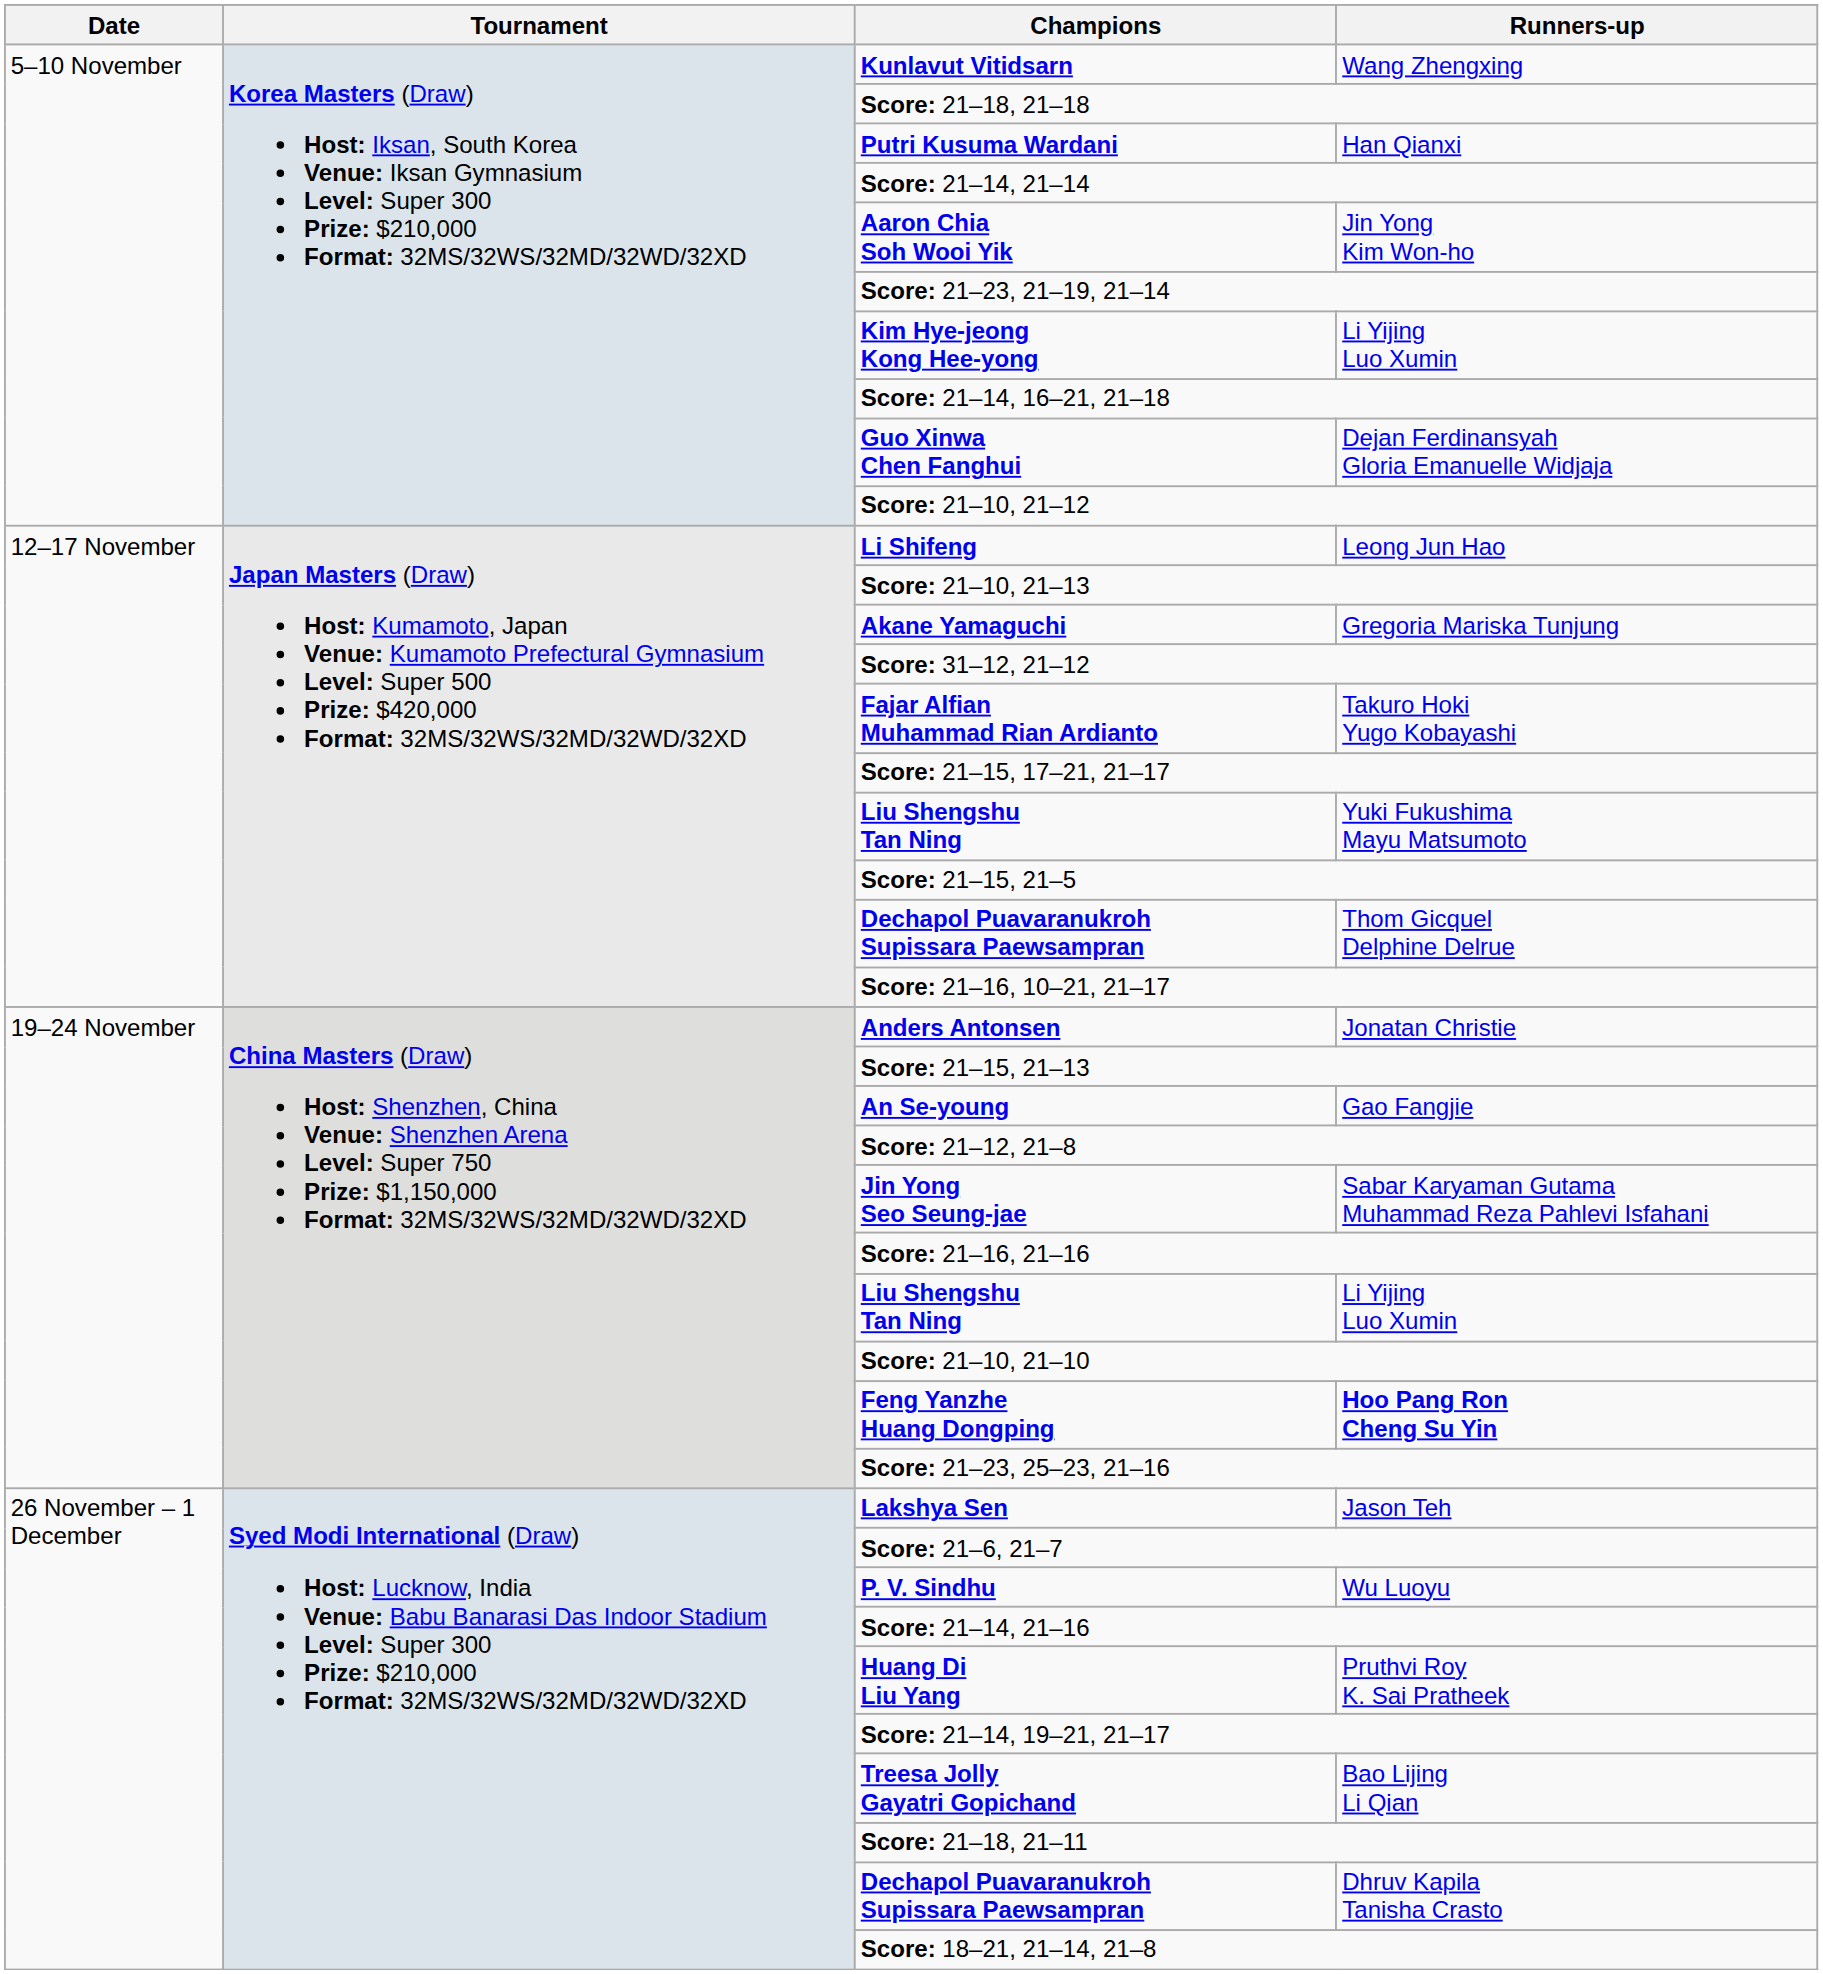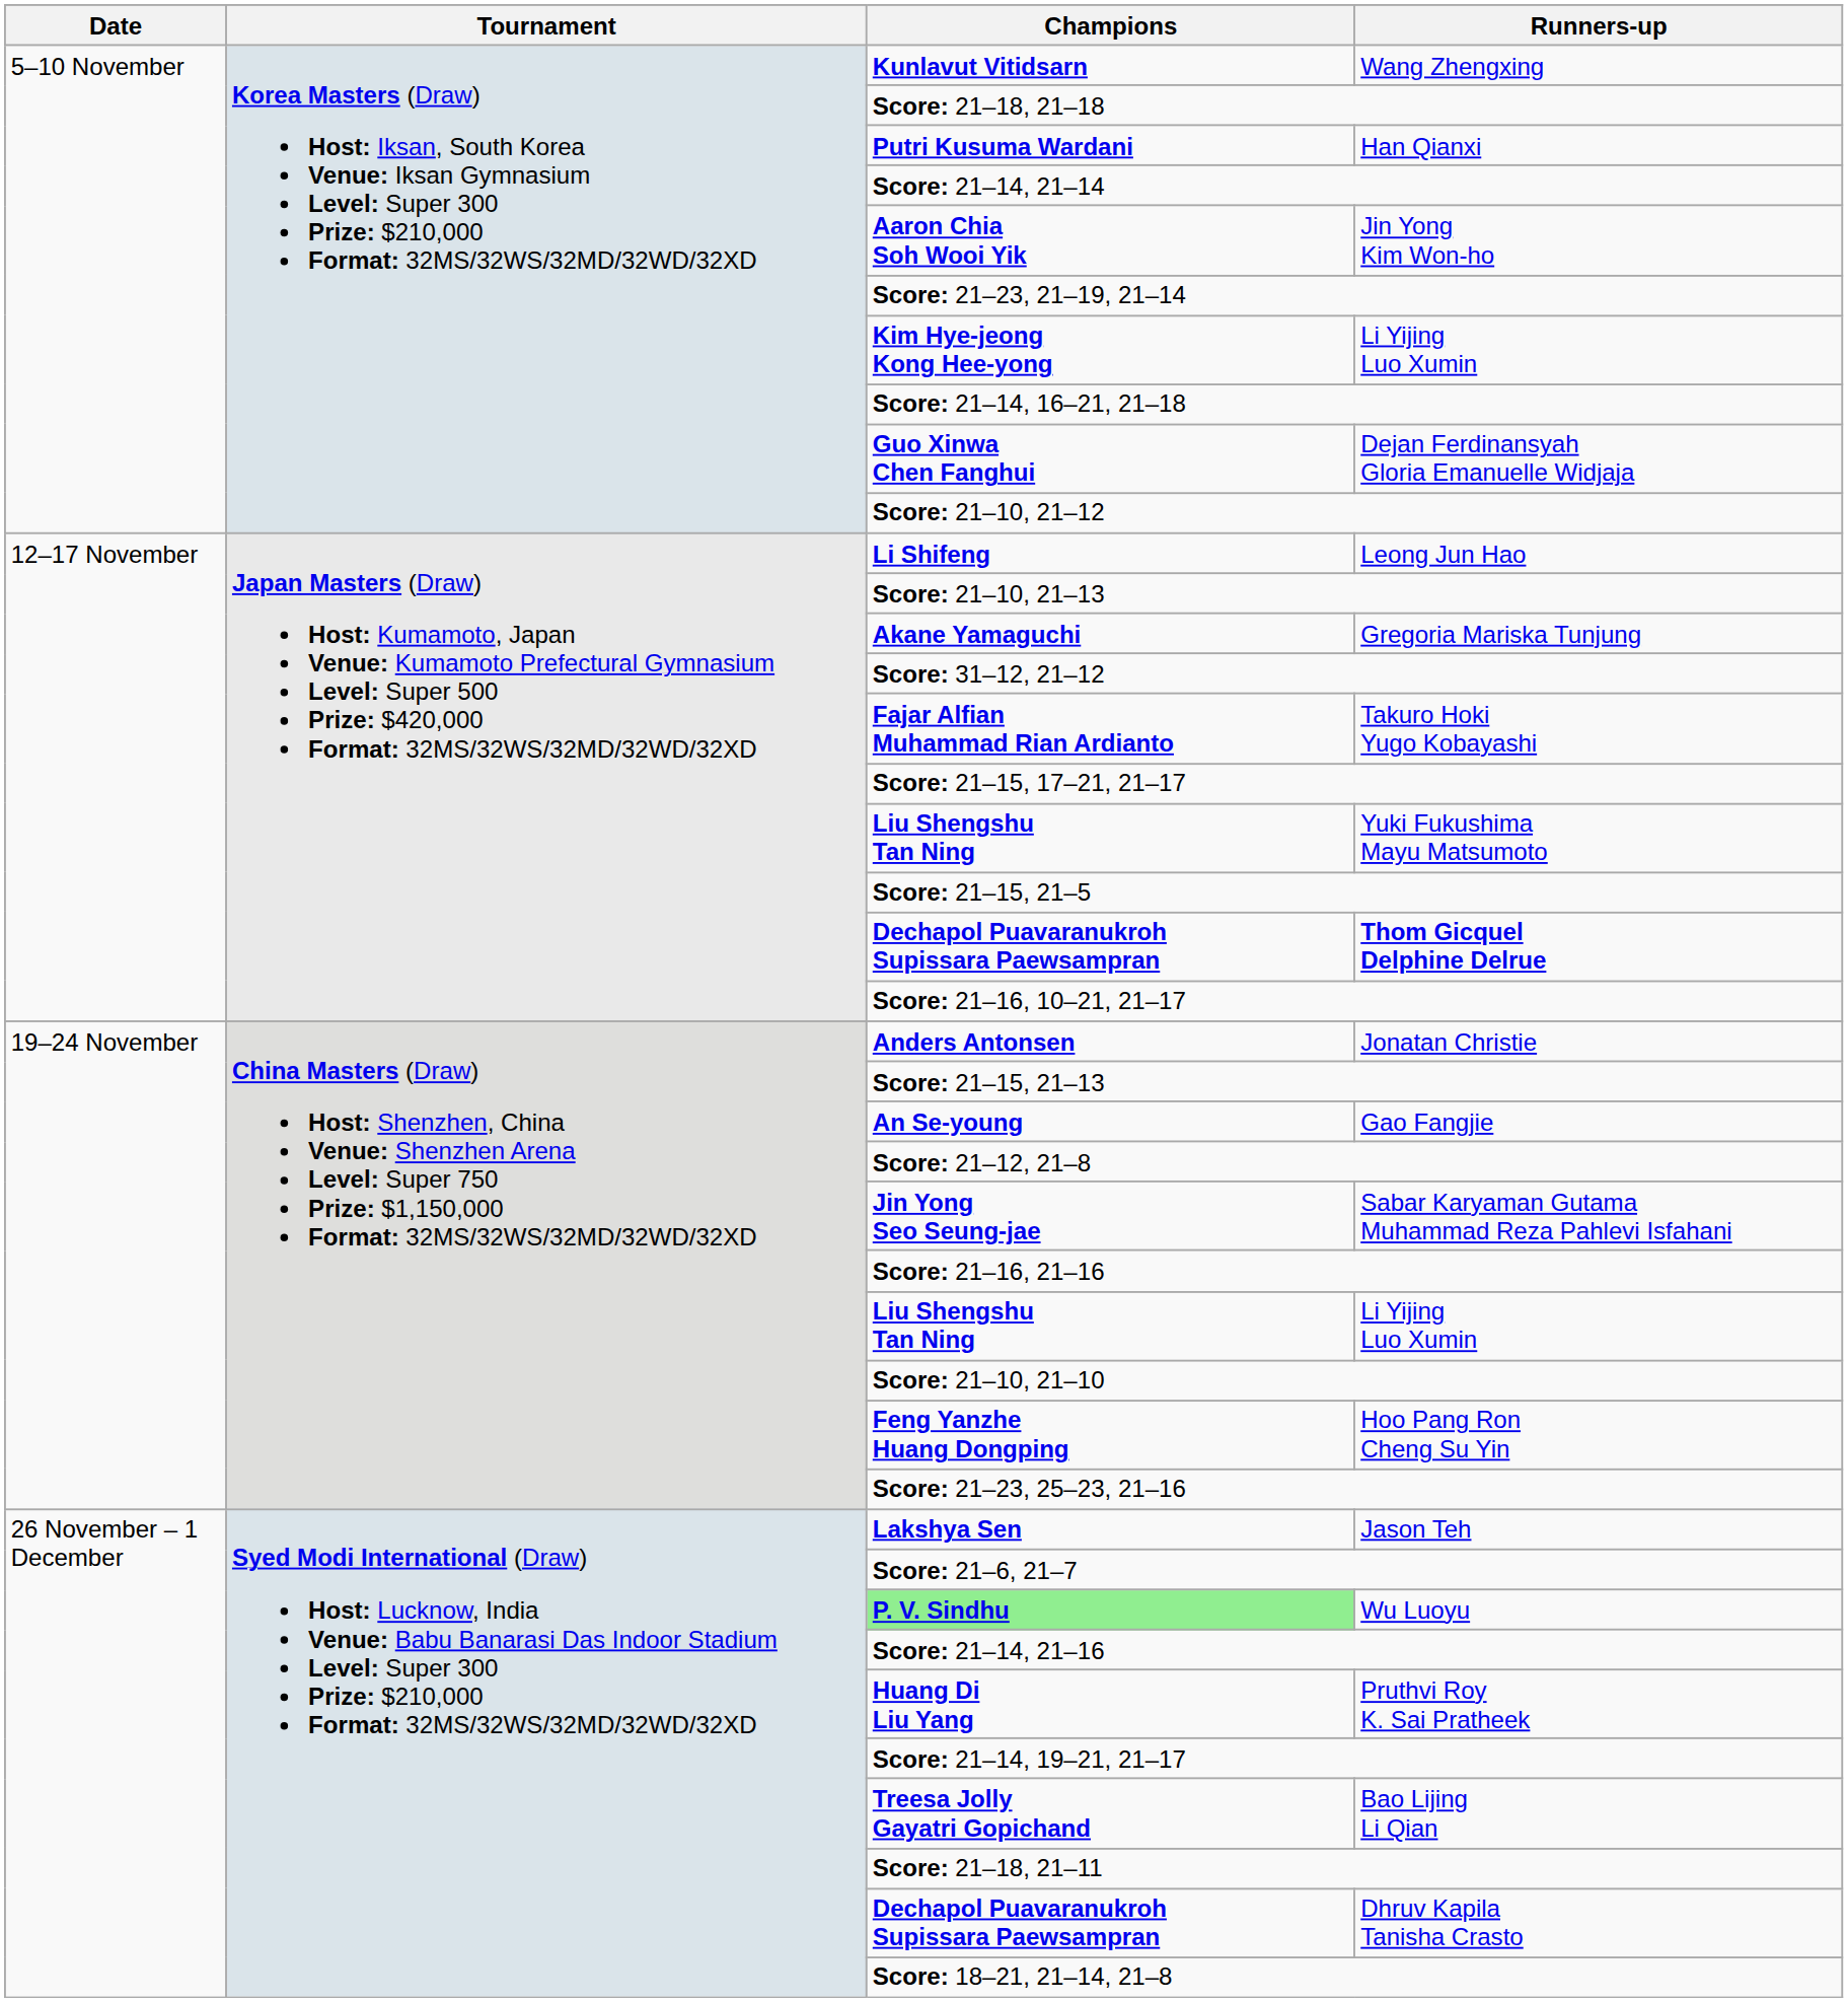 <table class="wikitable" style="font-size:80%">
 <tr>
 <th width="110">Date</th>
 <th width="330">Tournament</th>
 <th width="250">Champions</th>
 <th width="250">Runners-up</th>
 </tr>
 <tr valign="top">
 <td rowspan="10">5–10 November</td>
 <td bgcolor="#DAE4EA" rowspan="10"><br><strong><a href='#'>Korea Masters</a></strong> (<a href='#'>Draw</a>)<ul><li><strong>Host:</strong> <a href='#'>Iksan</a>, South Korea</li><li><strong>Venue:</strong> Iksan Gymnasium</li><li><strong>Level:</strong> Super 300</li><li><strong>Prize:</strong> $210,000</li><li><strong>Format:</strong> 32MS/32WS/32MD/32WD/32XD</li></ul></td>
 <td><strong> <a href='#'>Kunlavut Vitidsarn</a></strong></td>
 <td> <a href='#'>Wang Zhengxing</a></td>
 </tr>
 <tr>
 <td colspan="2"><strong>Score:</strong> 21–18, 21–18</td>
 </tr>
 <tr valign="top">
 <td><strong> <a href='#'>Putri Kusuma Wardani</a></strong></td>
 <td> <a href='#'>Han Qianxi</a></td>
 </tr>
 <tr>
 <td colspan="2"><strong>Score:</strong> 21–14, 21–14</td>
 </tr>
 <tr valign="top">
 <td><strong> <a href='#'>Aaron Chia</a> <br> <a href='#'>Soh Wooi Yik</a></strong></td>
 <td> <a href='#'>Jin Yong</a> <br> <a href='#'>Kim Won-ho</a></td>
 </tr>
 <tr>
 <td colspan="2"><strong>Score:</strong> 21–23, 21–19, 21–14</td>
 </tr>
 <tr valign="top">
 <td><strong> <a href='#'>Kim Hye-jeong</a> <br> <a href='#'>Kong Hee-yong</a></strong></td>
 <td> <a href='#'>Li Yijing</a> <br> <a href='#'>Luo Xumin</a></td>
 </tr>
 <tr>
 <td colspan="2"><strong>Score:</strong> 21–14, 16–21, 21–18</td>
 </tr>
 <tr valign="top">
 <td><strong> <a href='#'>Guo Xinwa</a> <br> <a href='#'>Chen Fanghui</a></strong></td>
 <td> <a href='#'>Dejan Ferdinansyah</a> <br> <a href='#'>Gloria Emanuelle Widjaja</a></td>
 </tr>
 <tr>
 <td colspan="2"><strong>Score:</strong> 21–10, 21–12</td>
 </tr>
 <tr valign="top">
 <td rowspan="10">12–17 November</td>
 <td bgcolor="#E9E9E9" rowspan="10"><br><strong><a href='#'>Japan Masters</a></strong> (<a href='#'>Draw</a>)<ul><li><strong>Host:</strong> <a href='#'>Kumamoto</a>, Japan</li><li><strong>Venue:</strong> <a href='#'>Kumamoto Prefectural Gymnasium</a></li><li><strong>Level:</strong> Super 500</li><li><strong>Prize:</strong> $420,000</li><li><strong>Format:</strong> 32MS/32WS/32MD/32WD/32XD</li></ul></td>
 <td><strong> <a href='#'>Li Shifeng</a></strong></td>
 <td> <a href='#'>Leong Jun Hao</a></td>
 </tr>
 <tr>
 <td colspan="2"><strong>Score:</strong> 21–10, 21–13</td>
 </tr>
 <tr valign="top">
 <td><strong> <a href='#'>Akane Yamaguchi</a></strong></td>
 <td> <a href='#'>Gregoria Mariska Tunjung</a></td>
 </tr>
 <tr>
 <td colspan="2"><strong>Score:</strong> 31–12, 21–12</td>
 </tr>
 <tr valign="top">
 <td><strong> <a href='#'>Fajar Alfian</a><br> <a href='#'>Muhammad Rian Ardianto</a></strong></td>
 <td> <a href='#'>Takuro Hoki</a><br> <a href='#'>Yugo Kobayashi</a></td>
 </tr>
 <tr>
 <td colspan="2"><strong>Score:</strong> 21–15, 17–21, 21–17</td>
 </tr>
 <tr valign="top">
 <td><strong> <a href='#'>Liu Shengshu</a><br> <a href='#'>Tan Ning</a></strong></td>
 <td> <a href='#'>Yuki Fukushima</a><br> <a href='#'>Mayu Matsumoto</a></td>
 </tr>
 <tr>
 <td colspan="2"><strong>Score:</strong> 21–15, 21–5</td>
 </tr>
 <tr valign="top">
 <td><strong> <a href='#'>Dechapol Puavaranukroh</a><br> <a href='#'>Supissara Paewsampran</a></strong></td>
-<td> <a href='#'>Thom Gicquel</a><br> <a href='#'>Delphine Delrue</a></td>
+<td><strong> <a href='#'>Thom Gicquel</a><br> <a href='#'>Delphine Delrue</a></strong></td>
 </tr>
 <tr>
 <td colspan="2"><strong>Score:</strong> 21–16, 10–21, 21–17</td>
 </tr>
 <tr valign="top">
 <td rowspan="10">19–24 November</td>
 <td bgcolor="#DEDEDC" rowspan="10"><br><strong><a href='#'>China Masters</a></strong> (<a href='#'>Draw</a>)<ul><li><strong>Host:</strong> <a href='#'>Shenzhen</a>, China</li><li><strong>Venue:</strong> <a href='#'>Shenzhen Arena</a></li><li><strong>Level:</strong> Super 750</li><li><strong>Prize:</strong> $1,150,000</li><li><strong>Format:</strong> 32MS/32WS/32MD/32WD/32XD</li></ul></td>
 <td><strong> <a href='#'>Anders Antonsen</a></strong></td>
 <td> <a href='#'>Jonatan Christie</a></td>
 </tr>
 <tr>
 <td colspan="2"><strong>Score:</strong> 21–15, 21–13</td>
 </tr>
 <tr valign="top">
 <td><strong> <a href='#'>An Se-young</a></strong></td>
 <td> <a href='#'>Gao Fangjie</a></td>
 </tr>
 <tr>
 <td colspan="2"><strong>Score:</strong> 21–12, 21–8</td>
 </tr>
 <tr valign="top">
 <td><strong> <a href='#'>Jin Yong</a><br> <a href='#'>Seo Seung-jae</a></strong></td>
 <td> <a href='#'>Sabar Karyaman Gutama</a><br> <a href='#'>Muhammad Reza Pahlevi Isfahani</a></td>
 </tr>
 <tr>
 <td colspan="2"><strong>Score:</strong> 21–16, 21–16</td>
 </tr>
 <tr valign="top">
 <td><strong> <a href='#'>Liu Shengshu</a><br> <a href='#'>Tan Ning</a></strong></td>
 <td> <a href='#'>Li Yijing</a><br> <a href='#'>Luo Xumin</a></td>
 </tr>
 <tr>
 <td colspan="2"><strong>Score:</strong> 21–10, 21–10</td>
 </tr>
 <tr valign="top">
 <td><strong> <a href='#'>Feng Yanzhe</a><br> <a href='#'>Huang Dongping</a></strong></td>
-<td><strong> <a href='#'>Hoo Pang Ron</a><br> <a href='#'>Cheng Su Yin</a></strong></td>
+<td> <a href='#'>Hoo Pang Ron</a><br> <a href='#'>Cheng Su Yin</a></td>
 </tr>
 <tr>
 <td colspan="2"><strong>Score:</strong> 21–23, 25–23, 21–16</td>
 </tr>
 <tr valign="top">
 <td rowspan="10">26 November – 1 December</td>
 <td bgcolor="#DAE4EA" rowspan="10"><br><strong><a href='#'>Syed Modi International</a></strong> (<a href='#'>Draw</a>)<ul><li><strong>Host:</strong> <a href='#'>Lucknow</a>, India</li><li><strong>Venue:</strong> <a href='#'>Babu Banarasi Das Indoor Stadium</a></li><li><strong>Level:</strong> Super 300</li><li><strong>Prize:</strong> $210,000</li><li><strong>Format:</strong> 32MS/32WS/32MD/32WD/32XD</li></ul></td>
 <td><strong> <a href='#'>Lakshya Sen</a></strong></td>
 <td> <a href='#'>Jason Teh</a></td>
 </tr>
 <tr>
 <td colspan="2"><strong>Score:</strong> 21–6, 21–7</td>
 </tr>
 <tr valign="top">
-<td><strong> <a href='#'>P. V. Sindhu</a></strong></td>
+<td style="background: lightgreen;"><strong> <a href='#'>P. V. Sindhu</a></strong></td>
 <td> <a href='#'>Wu Luoyu</a></td>
 </tr>
 <tr>
 <td colspan="2"><strong>Score:</strong> 21–14, 21–16</td>
 </tr>
 <tr valign="top">
 <td><strong> <a href='#'>Huang Di</a><br> <a href='#'>Liu Yang</a></strong></td>
 <td> <a href='#'>Pruthvi Roy</a><br> <a href='#'>K. Sai Pratheek</a></td>
 </tr>
 <tr>
 <td colspan="2"><strong>Score:</strong> 21–14, 19–21, 21–17</td>
 </tr>
 <tr valign="top">
 <td><strong> <a href='#'>Treesa Jolly</a><br> <a href='#'>Gayatri Gopichand</a></strong></td>
 <td> <a href='#'>Bao Lijing</a><br> <a href='#'>Li Qian</a></td>
 </tr>
 <tr>
 <td colspan="2"><strong>Score:</strong> 21–18, 21–11</td>
 </tr>
 <tr valign="top">
 <td><strong> <a href='#'>Dechapol Puavaranukroh</a><br> <a href='#'>Supissara Paewsampran</a></strong></td>
 <td> <a href='#'>Dhruv Kapila</a><br> <a href='#'>Tanisha Crasto</a></td>
 </tr>
 <tr>
 <td colspan="2"><strong>Score:</strong> 18–21, 21–14, 21–8</td>
 </tr>
 </table>
